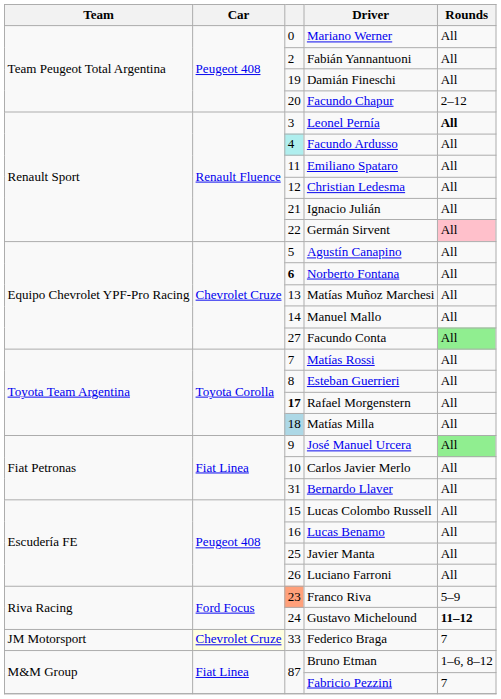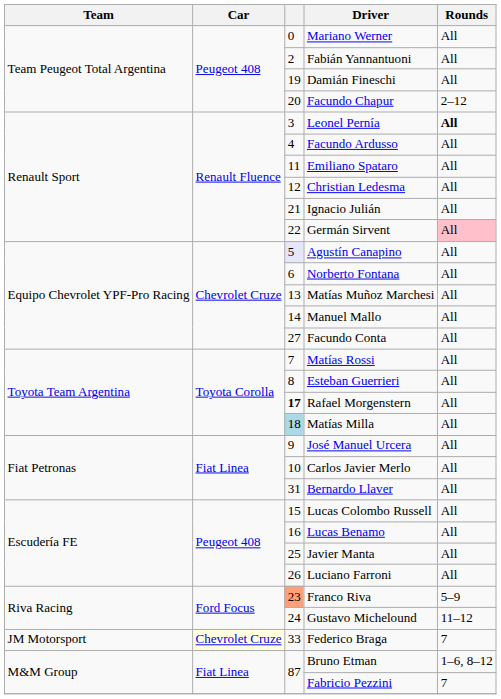 <table class="wikitable" style="font-size: 85%;">
 <tr>
 <th>Team</th>
 <th>Car</th>
 <th></th>
 <th>Driver</th>
 <th>Rounds</th>
 </tr>
 <tr>
 <td rowspan=4>Team Peugeot Total Argentina</td>
 <td rowspan=4><a href='#'>Peugeot 408</a></td>
 <td>0</td>
 <td><a href='#'>Mariano Werner</a></td>
 <td>All</td>
 </tr>
 <tr>
 <td>2</td>
 <td>Fabián Yannantuoni</td>
 <td>All</td>
 </tr>
 <tr>
 <td>19</td>
 <td>Damián Fineschi</td>
 <td>All</td>
 </tr>
 <tr>
 <td>20</td>
 <td><a href='#'>Facundo Chapur</a></td>
 <td>2–12</td>
 </tr>
 <tr>
 <td rowspan=6>Renault Sport</td>
 <td rowspan=6><a href='#'>Renault Fluence</a></td>
 <td>3</td>
 <td><a href='#'>Leonel Pernía</a></td>
 <td><strong>All</strong></td>
 </tr>
 <tr>
-<td style="background: paleturquoise;">4</td>
+<td>4</td>
 <td><a href='#'>Facundo Ardusso</a></td>
 <td>All</td>
 </tr>
 <tr>
 <td>11</td>
 <td><a href='#'>Emiliano Spataro</a></td>
 <td>All</td>
 </tr>
 <tr>
 <td>12</td>
 <td><a href='#'>Christian Ledesma</a></td>
 <td>All</td>
 </tr>
 <tr>
 <td>21</td>
 <td>Ignacio Julián</td>
 <td>All</td>
 </tr>
 <tr>
 <td>22</td>
 <td>Germán Sirvent</td>
 <td style="background: pink;">All</td>
 </tr>
 <tr>
 <td rowspan=5>Equipo Chevrolet YPF-Pro Racing</td>
 <td rowspan=5><a href='#'>Chevrolet Cruze</a></td>
-<td>5</td>
+<td style="background: lavender;">5</td>
 <td><a href='#'>Agustín Canapino</a></td>
 <td>All</td>
 </tr>
 <tr>
-<td><strong>6</strong></td>
+<td>6</td>
 <td><a href='#'>Norberto Fontana</a></td>
 <td>All</td>
 </tr>
 <tr>
 <td>13</td>
 <td>Matías Muñoz Marchesi</td>
 <td>All</td>
 </tr>
 <tr>
 <td>14</td>
 <td>Manuel Mallo</td>
 <td>All</td>
 </tr>
 <tr>
 <td>27</td>
 <td>Facundo Conta</td>
-<td style="background: lightgreen;">All</td>
+<td>All</td>
 </tr>
 <tr>
 <td rowspan=4><a href='#'>Toyota Team Argentina</a></td>
 <td rowspan=4><a href='#'>Toyota Corolla</a></td>
 <td>7</td>
 <td><a href='#'>Matías Rossi</a></td>
 <td>All</td>
 </tr>
 <tr>
 <td>8</td>
 <td><a href='#'>Esteban Guerrieri</a></td>
 <td>All</td>
 </tr>
 <tr>
 <td><strong>17</strong></td>
 <td>Rafael Morgenstern</td>
 <td>All</td>
 </tr>
 <tr>
 <td style="background: lightblue;">18</td>
 <td>Matías Milla</td>
 <td>All</td>
 </tr>
 <tr>
 <td rowspan=3>Fiat Petronas</td>
 <td rowspan=3><a href='#'>Fiat Linea</a></td>
 <td>9</td>
 <td><a href='#'>José Manuel Urcera</a></td>
-<td style="background: lightgreen;">All</td>
+<td>All</td>
 </tr>
 <tr>
 <td>10</td>
 <td>Carlos Javier Merlo</td>
 <td>All</td>
 </tr>
 <tr>
 <td>31</td>
 <td><a href='#'>Bernardo Llaver</a></td>
 <td>All</td>
 </tr>
 <tr>
 <td rowspan=4>Escudería FE</td>
 <td rowspan=4><a href='#'>Peugeot 408</a></td>
 <td>15</td>
 <td>Lucas Colombo Russell</td>
 <td>All</td>
 </tr>
 <tr>
 <td>16</td>
 <td><a href='#'>Lucas Benamo</a></td>
 <td>All</td>
 </tr>
 <tr>
 <td>25</td>
 <td>Javier Manta</td>
 <td>All</td>
 </tr>
 <tr>
 <td>26</td>
 <td>Luciano Farroni</td>
 <td>All</td>
 </tr>
 <tr>
 <td rowspan=2>Riva Racing</td>
 <td rowspan=2><a href='#'>Ford Focus</a></td>
 <td style="background: lightsalmon;">23</td>
 <td>Franco Riva</td>
 <td>5–9</td>
 </tr>
 <tr>
 <td>24</td>
 <td>Gustavo Michelound</td>
-<td><strong>11–12</strong></td>
+<td>11–12</td>
 </tr>
 <tr>
 <td>JM Motorsport</td>
 <td style="background: lightyellow;"><a href='#'>Chevrolet Cruze</a></td>
 <td>33</td>
 <td>Federico Braga</td>
 <td>7</td>
 </tr>
 <tr>
 <td rowspan=2>M&M Group</td>
 <td rowspan=2><a href='#'>Fiat Linea</a></td>
 <td rowspan=2>87</td>
 <td>Bruno Etman</td>
 <td>1–6, 8–12</td>
 </tr>
 <tr>
 <td><a href='#'>Fabricio Pezzini</a></td>
 <td>7</td>
 </tr>
 <tr>
 </tr>
 </table>
